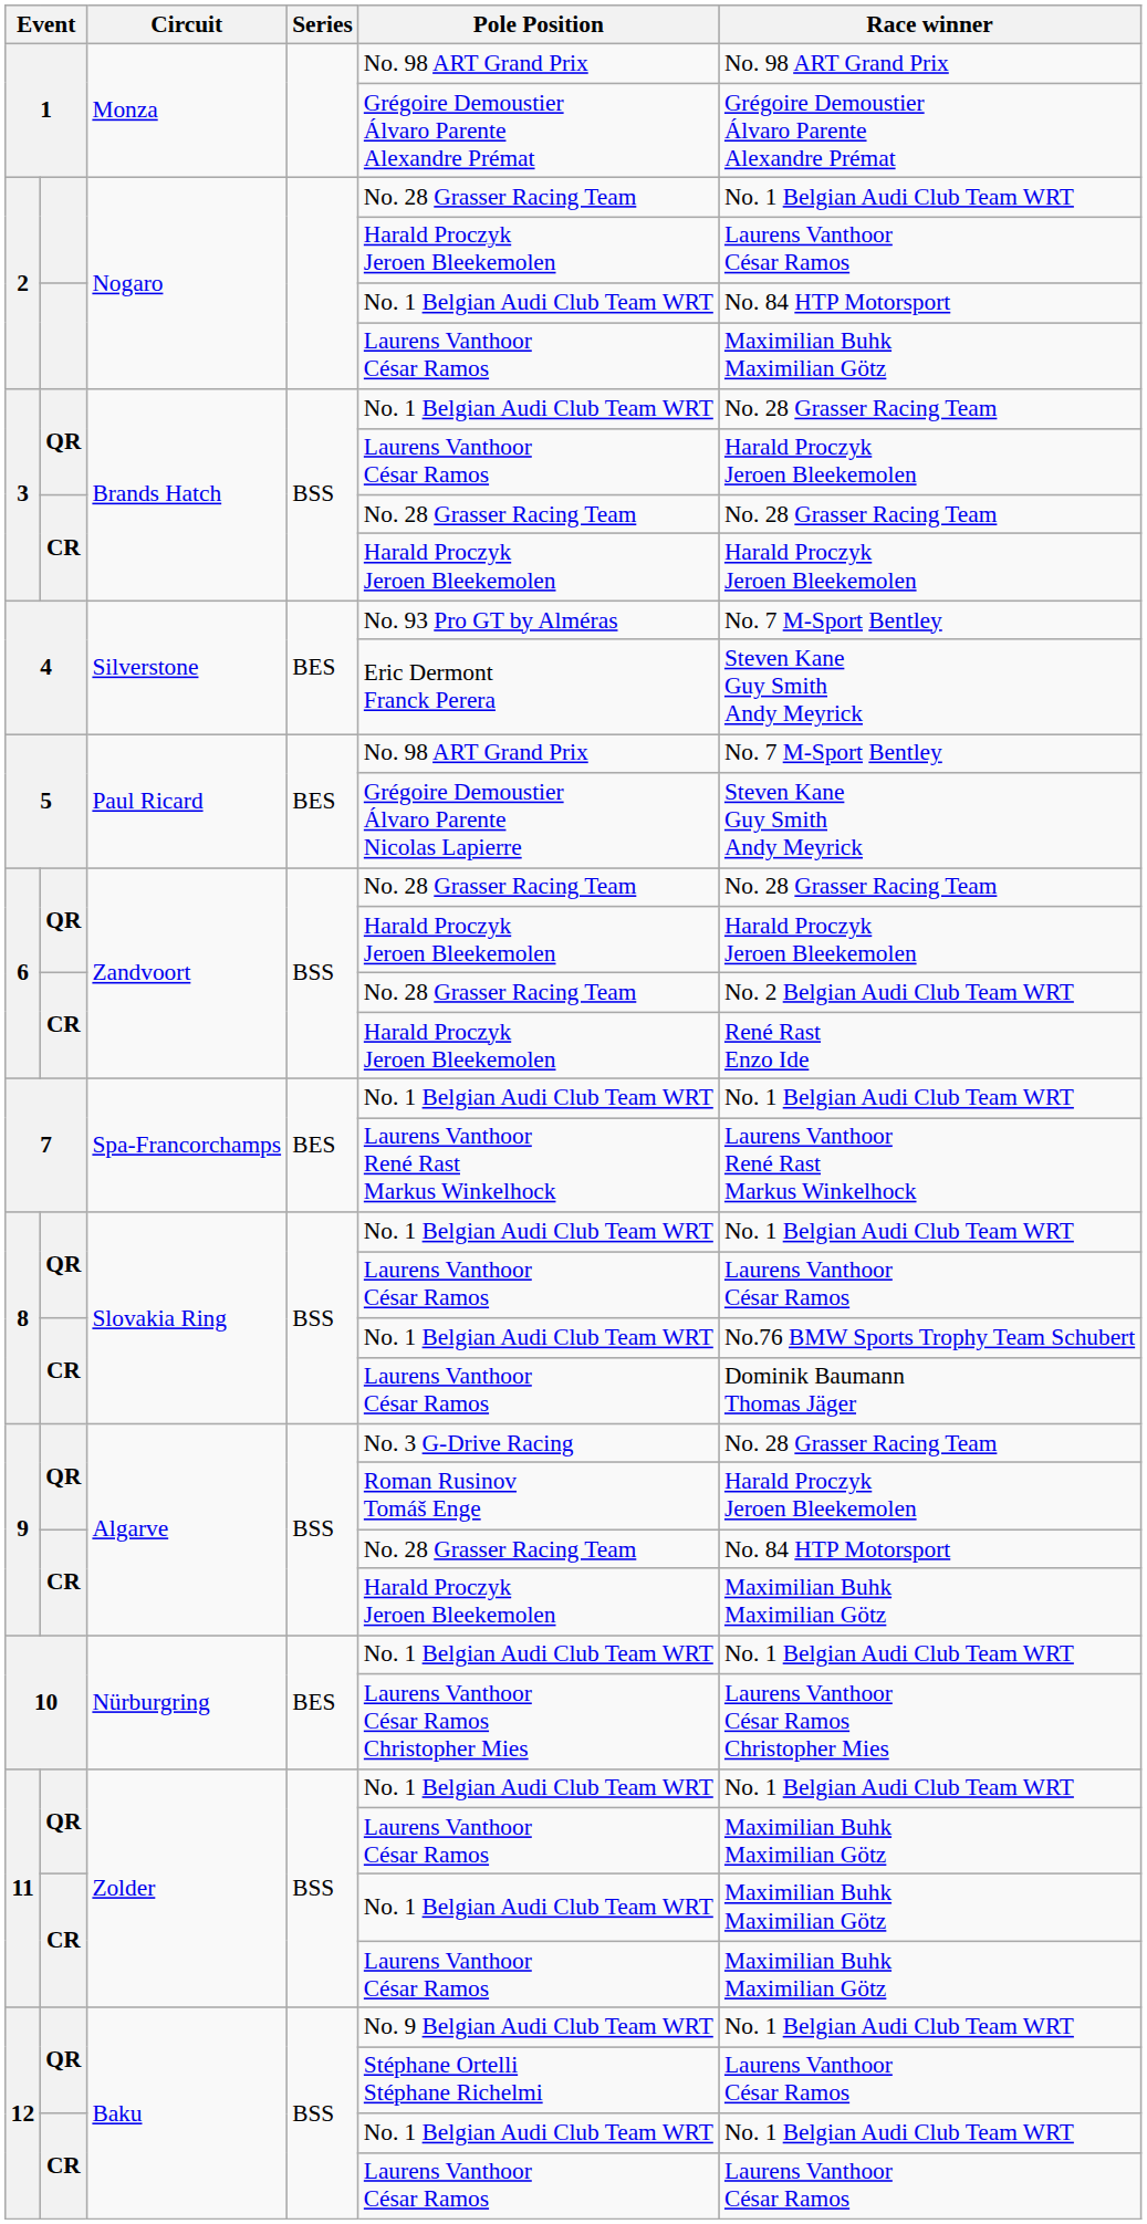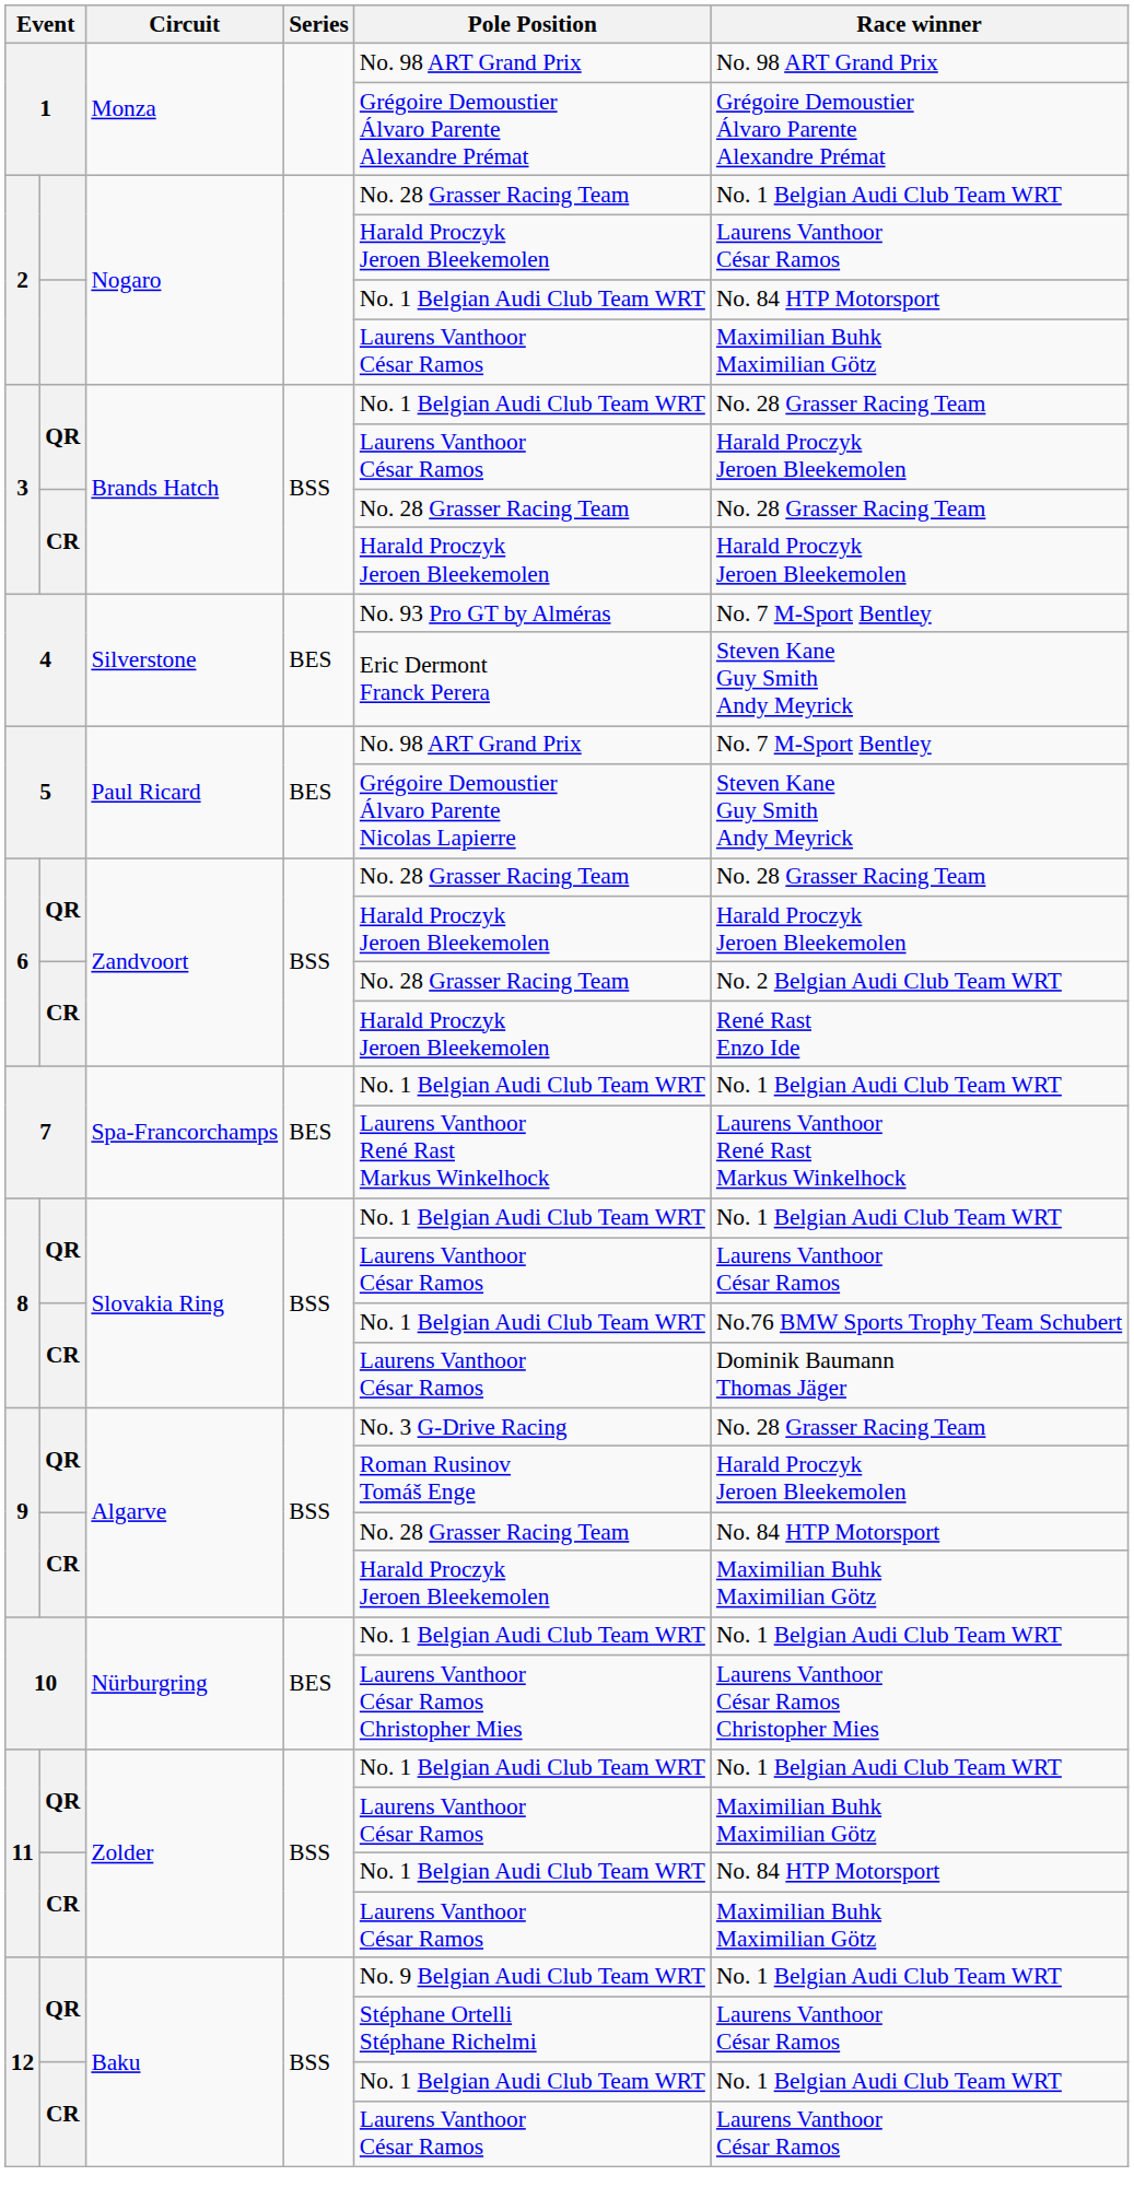 <table class="wikitable" style="font-size: 85%;">
 <tr>
 <th colspan=2>Event</th>
 <th>Circuit</th>
 <th>Series</th>
 <th>Pole Position</th>
 <th>Race winner</th>
 </tr>
 <tr>
 <th rowspan=2 colspan=2>1</th>
 <td rowspan=2> <a href='#'>Monza</a></td>
 <td rowspan=2></td>
 <td> No. 98 <a href='#'>ART Grand Prix</a></td>
 <td> No. 98 <a href='#'>ART Grand Prix</a></td>
 </tr>
 <tr>
 <td> <a href='#'>Grégoire Demoustier</a><br> <a href='#'>Álvaro Parente</a><br> <a href='#'>Alexandre Prémat</a></td>
 <td> <a href='#'>Grégoire Demoustier</a><br> <a href='#'>Álvaro Parente</a><br> <a href='#'>Alexandre Prémat</a></td>
 </tr>
 <tr>
 <th rowspan=4>2</th>
 <th rowspan=2></th>
 <td rowspan=4> <a href='#'>Nogaro</a></td>
 <td rowspan=4></td>
 <td> No. 28 <a href='#'>Grasser Racing Team</a></td>
 <td> No. 1 <a href='#'>Belgian Audi Club Team WRT</a></td>
 </tr>
 <tr>
 <td> <a href='#'>Harald Proczyk</a> <br> <a href='#'>Jeroen Bleekemolen</a></td>
 <td> <a href='#'>Laurens Vanthoor</a><br> <a href='#'>César Ramos</a></td>
 </tr>
 <tr>
 <th rowspan=2></th>
 <td> No. 1 <a href='#'>Belgian Audi Club Team WRT</a></td>
 <td> No. 84 <a href='#'>HTP Motorsport</a></td>
 </tr>
 <tr>
 <td> <a href='#'>Laurens Vanthoor</a><br> <a href='#'>César Ramos</a></td>
 <td> <a href='#'>Maximilian Buhk</a><br> <a href='#'>Maximilian Götz</a></td>
 </tr>
 <tr>
 <th rowspan=4>3</th>
 <th rowspan=2>QR</th>
 <td rowspan=4> <a href='#'>Brands Hatch</a></td>
 <td rowspan=4>BSS</td>
 <td> No. 1 <a href='#'>Belgian Audi Club Team WRT</a></td>
 <td> No. 28 <a href='#'>Grasser Racing Team</a></td>
 </tr>
 <tr>
 <td> <a href='#'>Laurens Vanthoor</a><br> <a href='#'>César Ramos</a></td>
 <td> <a href='#'>Harald Proczyk</a> <br> <a href='#'>Jeroen Bleekemolen</a></td>
 </tr>
 <tr>
 <th rowspan=2>CR</th>
 <td> No. 28 <a href='#'>Grasser Racing Team</a></td>
 <td> No. 28 <a href='#'>Grasser Racing Team</a></td>
 </tr>
 <tr>
 <td> <a href='#'>Harald Proczyk</a> <br> <a href='#'>Jeroen Bleekemolen</a></td>
 <td> <a href='#'>Harald Proczyk</a> <br> <a href='#'>Jeroen Bleekemolen</a></td>
 </tr>
 <tr>
 <th rowspan=2 colspan=2>4</th>
 <td rowspan=2> <a href='#'>Silverstone</a></td>
 <td rowspan=2>BES</td>
 <td> No. 93 <a href='#'>Pro GT by Alméras</a></td>
 <td> No. 7 <a href='#'>M-Sport</a> <a href='#'>Bentley</a></td>
 </tr>
 <tr>
 <td> Eric Dermont<br> <a href='#'>Franck Perera</a></td>
 <td> <a href='#'>Steven Kane</a><br> <a href='#'>Guy Smith</a><br> <a href='#'>Andy Meyrick</a></td>
 </tr>
 <tr>
 <th rowspan=2 colspan=2>5</th>
 <td rowspan=2> <a href='#'>Paul Ricard</a></td>
 <td rowspan=2>BES</td>
 <td> No. 98 <a href='#'>ART Grand Prix</a></td>
 <td> No. 7 <a href='#'>M-Sport</a> <a href='#'>Bentley</a></td>
 </tr>
 <tr>
 <td> <a href='#'>Grégoire Demoustier</a><br> <a href='#'>Álvaro Parente</a><br> <a href='#'>Nicolas Lapierre</a></td>
 <td> <a href='#'>Steven Kane</a><br> <a href='#'>Guy Smith</a><br> <a href='#'>Andy Meyrick</a></td>
 </tr>
 <tr>
 <th rowspan=4>6</th>
 <th rowspan=2>QR</th>
 <td rowspan=4> <a href='#'>Zandvoort</a></td>
 <td rowspan=4>BSS</td>
 <td> No. 28 <a href='#'>Grasser Racing Team</a></td>
 <td> No. 28 <a href='#'>Grasser Racing Team</a></td>
 </tr>
 <tr>
 <td> <a href='#'>Harald Proczyk</a> <br> <a href='#'>Jeroen Bleekemolen</a></td>
 <td> <a href='#'>Harald Proczyk</a> <br> <a href='#'>Jeroen Bleekemolen</a></td>
 </tr>
 <tr>
 <th rowspan=2>CR</th>
 <td> No. 28 <a href='#'>Grasser Racing Team</a></td>
 <td> No. 2 <a href='#'>Belgian Audi Club Team WRT</a></td>
 </tr>
 <tr>
 <td> <a href='#'>Harald Proczyk</a> <br> <a href='#'>Jeroen Bleekemolen</a></td>
 <td> <a href='#'>René Rast</a><br> <a href='#'>Enzo Ide</a></td>
 </tr>
 <tr>
 <th rowspan=2 colspan=2>7</th>
 <td rowspan=2> <a href='#'>Spa-Francorchamps</a></td>
 <td rowspan=2>BES</td>
 <td> No. 1 <a href='#'>Belgian Audi Club Team WRT</a></td>
 <td> No. 1 <a href='#'>Belgian Audi Club Team WRT</a></td>
 </tr>
 <tr>
 <td> <a href='#'>Laurens Vanthoor</a><br> <a href='#'>René Rast</a><br> <a href='#'>Markus Winkelhock</a></td>
 <td> <a href='#'>Laurens Vanthoor</a><br> <a href='#'>René Rast</a><br> <a href='#'>Markus Winkelhock</a></td>
 </tr>
 <tr>
 <th rowspan=4>8</th>
 <th rowspan=2>QR</th>
 <td rowspan=4> <a href='#'>Slovakia Ring</a></td>
 <td rowspan=4>BSS</td>
 <td> No. 1 <a href='#'>Belgian Audi Club Team WRT</a></td>
 <td> No. 1 <a href='#'>Belgian Audi Club Team WRT</a></td>
 </tr>
 <tr>
 <td> <a href='#'>Laurens Vanthoor</a><br> <a href='#'>César Ramos</a></td>
 <td> <a href='#'>Laurens Vanthoor</a><br> <a href='#'>César Ramos</a></td>
 </tr>
 <tr>
 <th rowspan=2>CR</th>
 <td> No. 1 <a href='#'>Belgian Audi Club Team WRT</a></td>
 <td> No.76 <a href='#'>BMW Sports Trophy Team Schubert</a></td>
 </tr>
 <tr>
 <td> <a href='#'>Laurens Vanthoor</a><br> <a href='#'>César Ramos</a></td>
 <td> Dominik Baumann<br> <a href='#'>Thomas Jäger</a></td>
 </tr>
 <tr>
 <th rowspan=4>9</th>
 <th rowspan=2>QR</th>
 <td rowspan=4> <a href='#'>Algarve</a></td>
 <td rowspan=4>BSS</td>
 <td> No. 3 <a href='#'>G-Drive Racing</a></td>
 <td> No. 28 <a href='#'>Grasser Racing Team</a></td>
 </tr>
 <tr>
 <td> <a href='#'>Roman Rusinov</a><br> <a href='#'>Tomáš Enge</a></td>
 <td> <a href='#'>Harald Proczyk</a> <br> <a href='#'>Jeroen Bleekemolen</a></td>
 </tr>
 <tr>
 <th rowspan=2>CR</th>
 <td> No. 28 <a href='#'>Grasser Racing Team</a></td>
 <td> No. 84 <a href='#'>HTP Motorsport</a></td>
 </tr>
 <tr>
 <td> <a href='#'>Harald Proczyk</a> <br> <a href='#'>Jeroen Bleekemolen</a></td>
 <td> <a href='#'>Maximilian Buhk</a><br> <a href='#'>Maximilian Götz</a></td>
 </tr>
 <tr>
 <th rowspan=2 colspan=2>10</th>
 <td rowspan=2> <a href='#'>Nürburgring</a></td>
 <td rowspan=2>BES</td>
 <td> No. 1 <a href='#'>Belgian Audi Club Team WRT</a></td>
 <td> No. 1 <a href='#'>Belgian Audi Club Team WRT</a></td>
 </tr>
 <tr>
 <td> <a href='#'>Laurens Vanthoor</a><br> <a href='#'>César Ramos</a><br> <a href='#'>Christopher Mies</a></td>
 <td> <a href='#'>Laurens Vanthoor</a><br> <a href='#'>César Ramos</a><br> <a href='#'>Christopher Mies</a></td>
 </tr>
 <tr>
 <th rowspan=4>11</th>
 <th rowspan=2>QR</th>
 <td rowspan=4> <a href='#'>Zolder</a></td>
 <td rowspan=4>BSS</td>
 <td> No. 1 <a href='#'>Belgian Audi Club Team WRT</a></td>
 <td> No. 1 <a href='#'>Belgian Audi Club Team WRT</a></td>
 </tr>
 <tr>
 <td> <a href='#'>Laurens Vanthoor</a><br> <a href='#'>César Ramos</a></td>
 <td> <a href='#'>Maximilian Buhk</a><br> <a href='#'>Maximilian Götz</a></td>
 </tr>
 <tr>
 <th rowspan=2>CR</th>
 <td> No. 1 <a href='#'>Belgian Audi Club Team WRT</a></td>
-<td> <a href='#'>Maximilian Buhk</a><br> <a href='#'>Maximilian Götz</a></td>
+<td> No. 84 <a href='#'>HTP Motorsport</a></td>
 </tr>
 <tr>
 <td> <a href='#'>Laurens Vanthoor</a><br> <a href='#'>César Ramos</a></td>
 <td> <a href='#'>Maximilian Buhk</a><br> <a href='#'>Maximilian Götz</a></td>
 </tr>
 <tr>
 <th rowspan=4>12</th>
 <th rowspan=2>QR</th>
 <td rowspan=4> <a href='#'>Baku</a></td>
 <td rowspan=4>BSS</td>
 <td> No. 9 <a href='#'>Belgian Audi Club Team WRT</a></td>
 <td> No. 1 <a href='#'>Belgian Audi Club Team WRT</a></td>
 </tr>
 <tr>
 <td> <a href='#'>Stéphane Ortelli</a><br> <a href='#'>Stéphane Richelmi</a></td>
 <td> <a href='#'>Laurens Vanthoor</a><br> <a href='#'>César Ramos</a></td>
 </tr>
 <tr>
 <th rowspan=2>CR</th>
 <td> No. 1 <a href='#'>Belgian Audi Club Team WRT</a></td>
 <td> No. 1 <a href='#'>Belgian Audi Club Team WRT</a></td>
 </tr>
 <tr>
 <td> <a href='#'>Laurens Vanthoor</a><br> <a href='#'>César Ramos</a></td>
 <td> <a href='#'>Laurens Vanthoor</a><br> <a href='#'>César Ramos</a></td>
 </tr>
 </table>
